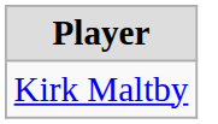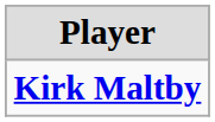 <table class="wikitable">
 <tr style="text-align:center; background:#ddd;">
 <td><strong>Player</strong></td>
 </tr>
 <tr>
-<td><a href='#'>Kirk Maltby</a></td>
+<td><strong><a href='#'>Kirk Maltby</a></strong></td>
 </tr>
 </table>
